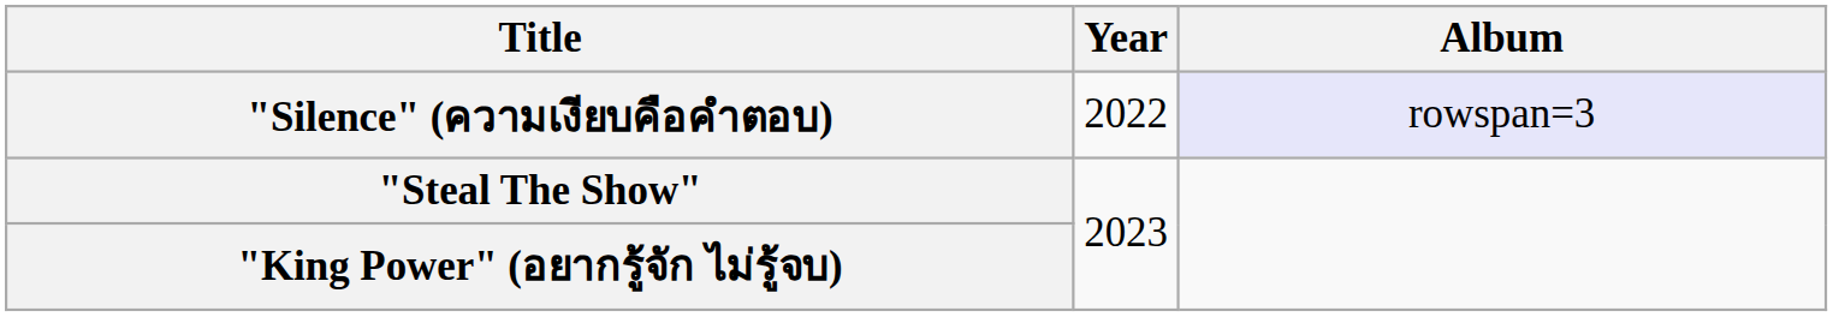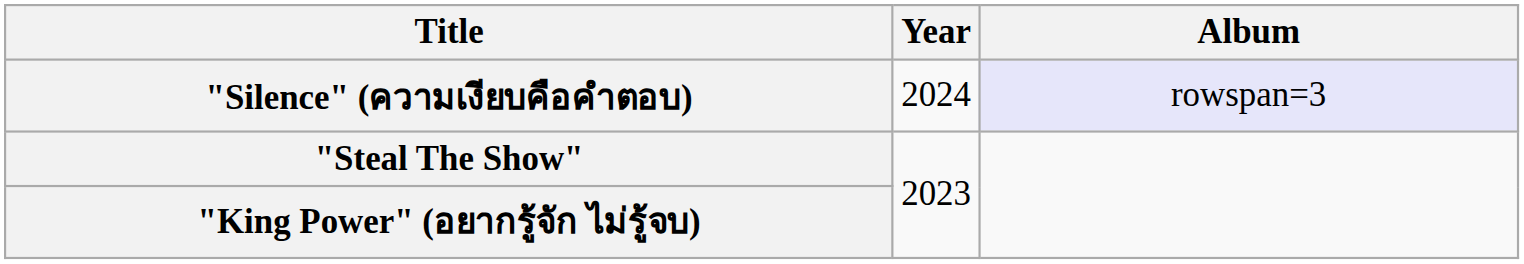 <table class="wikitable plainrowheaders" style="text-align:center">
 <tr>
 <th rowspan="1" scope="col" style="width:25em;">Title</th>
 <th rowspan="1">Year</th>
 <th rowspan="1" style="width:15em;">Album</th>
 </tr>
 <tr>
 <th scope="row">"Silence" (ความเงียบคือคำตอบ)<br></th>
-<td>2022</td>
+<td>2024</td>
 <td style="background: lavender;">rowspan=3 </td>
 </tr>
 <tr>
 <th scope="row">"Steal The Show"<br></th>
 <td rowspan="2">2023</td>
 </tr>
 <tr>
 <th scope="row">"King Power" (อยากรู้จัก ไม่รู้จบ)<br></th>
 </tr>
 </table>
